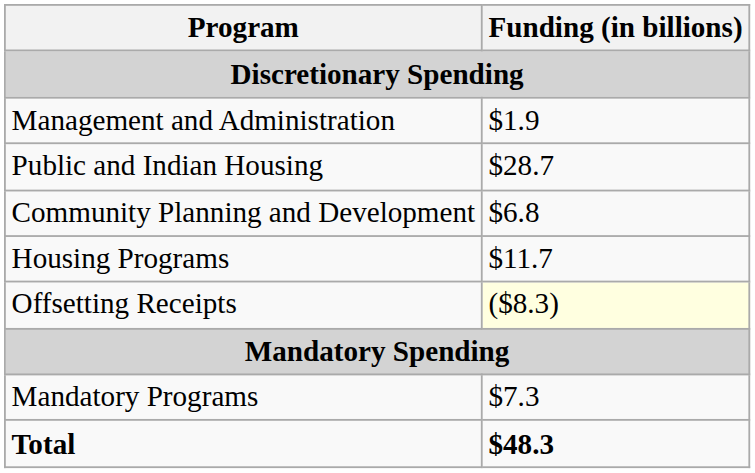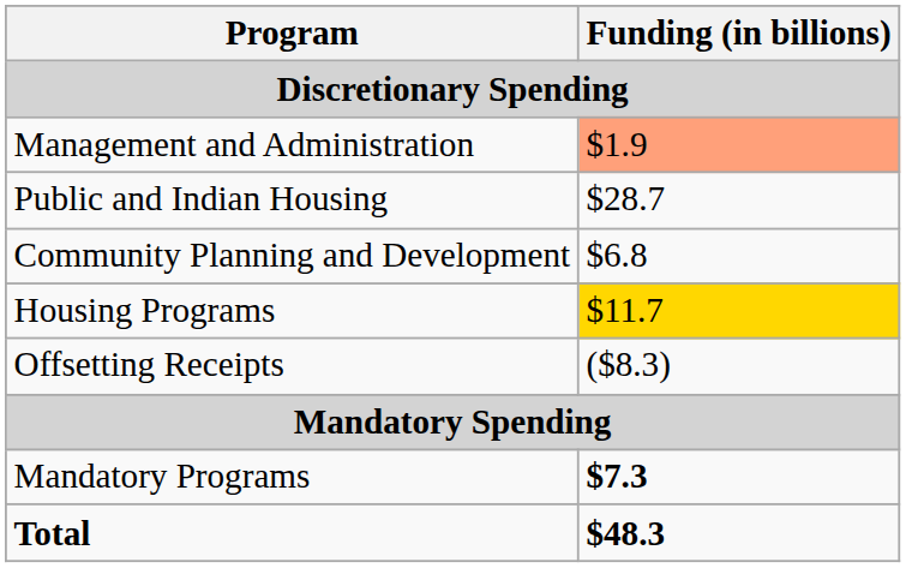 <table class="wikitable">
 <tr>
 <th>Program</th>
 <th>Funding (in billions)</th>
 </tr>
 <tr>
 <td colspan="3"  style="text-align:center; background:lightgrey;"><strong>Discretionary Spending</strong></td>
 </tr>
 <tr>
 <td>Management and Administration</td>
-<td>$1.9</td>
+<td style="background: lightsalmon;">$1.9</td>
 </tr>
 <tr>
 <td>Public and Indian Housing</td>
 <td>$28.7</td>
 </tr>
 <tr>
 <td>Community Planning and Development</td>
 <td>$6.8</td>
 </tr>
 <tr>
 <td>Housing Programs</td>
-<td>$11.7</td>
+<td style="background: gold;">$11.7</td>
 </tr>
 <tr>
 <td>Offsetting Receipts</td>
-<td style="background: lightyellow;">($8.3)</td>
+<td>($8.3)</td>
 </tr>
 <tr>
 <td colspan="3"  style="text-align:center; background:lightgrey;"><strong>Mandatory Spending</strong></td>
 </tr>
 <tr>
 <td>Mandatory Programs</td>
-<td>$7.3</td>
+<td><strong>$7.3</strong></td>
 </tr>
 <tr>
 <td><strong>Total</strong></td>
 <td><strong>$48.3</strong></td>
 </tr>
 </table>
